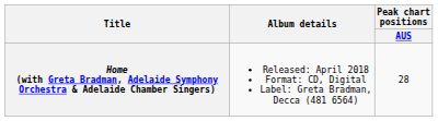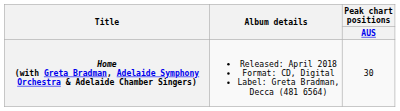 <table class="wikitable plainrowheaders" style="text-align:center;" border="1">
 <tr>
 <th scope="col" rowspan="2" style="width:25em;">Title</th>
 <th scope="col" rowspan="2" style="width:16em;">Album details</th>
 <th scope="col" colspan="1">Peak chart<br>positions</th>
 </tr>
 <tr>
 <th scope="col" style="text-align:center;"><a href='#'>AUS</a><br></th>
 </tr>
 <tr>
 <th scope="row"><em>Home</em> <br> (with <a href='#'>Greta Bradman</a>, <a href='#'>Adelaide Symphony Orchestra</a> & Adelaide Chamber Singers)</th>
 <td><br><ul><li>Released: April 2018</li><li>Format: CD, Digital</li><li>Label: Greta Bradman, Decca (481 6564)</li></ul></td>
-<td align="center">28</td>
+<td align="center">30</td>
 </tr>
 </table>
